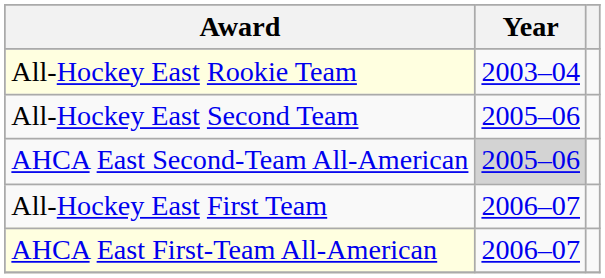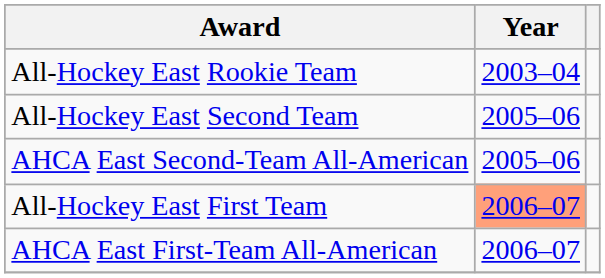 <table class="wikitable">
 <tr>
 <th>Award</th>
 <th>Year</th>
 <th></th>
 </tr>
 <tr>
-<td style="background: lightyellow;">All-<a href='#'>Hockey East</a> <a href='#'>Rookie Team</a></td>
+<td>All-<a href='#'>Hockey East</a> <a href='#'>Rookie Team</a></td>
 <td><a href='#'>2003–04</a></td>
 <td></td>
 </tr>
 <tr>
 <td>All-<a href='#'>Hockey East</a> <a href='#'>Second Team</a></td>
 <td><a href='#'>2005–06</a></td>
 <td></td>
 </tr>
 <tr>
 <td><a href='#'>AHCA</a> <a href='#'>East Second-Team All-American</a></td>
-<td style="background: lightgrey;"><a href='#'>2005–06</a></td>
+<td><a href='#'>2005–06</a></td>
 <td></td>
 </tr>
 <tr>
 <td>All-<a href='#'>Hockey East</a> <a href='#'>First Team</a></td>
-<td><a href='#'>2006–07</a></td>
+<td style="background: lightsalmon;"><a href='#'>2006–07</a></td>
 <td></td>
 </tr>
 <tr>
-<td style="background: lightyellow;"><a href='#'>AHCA</a> <a href='#'>East First-Team All-American</a></td>
+<td><a href='#'>AHCA</a> <a href='#'>East First-Team All-American</a></td>
 <td><a href='#'>2006–07</a></td>
 <td></td>
 </tr>
 <tr>
 </tr>
 </table>
